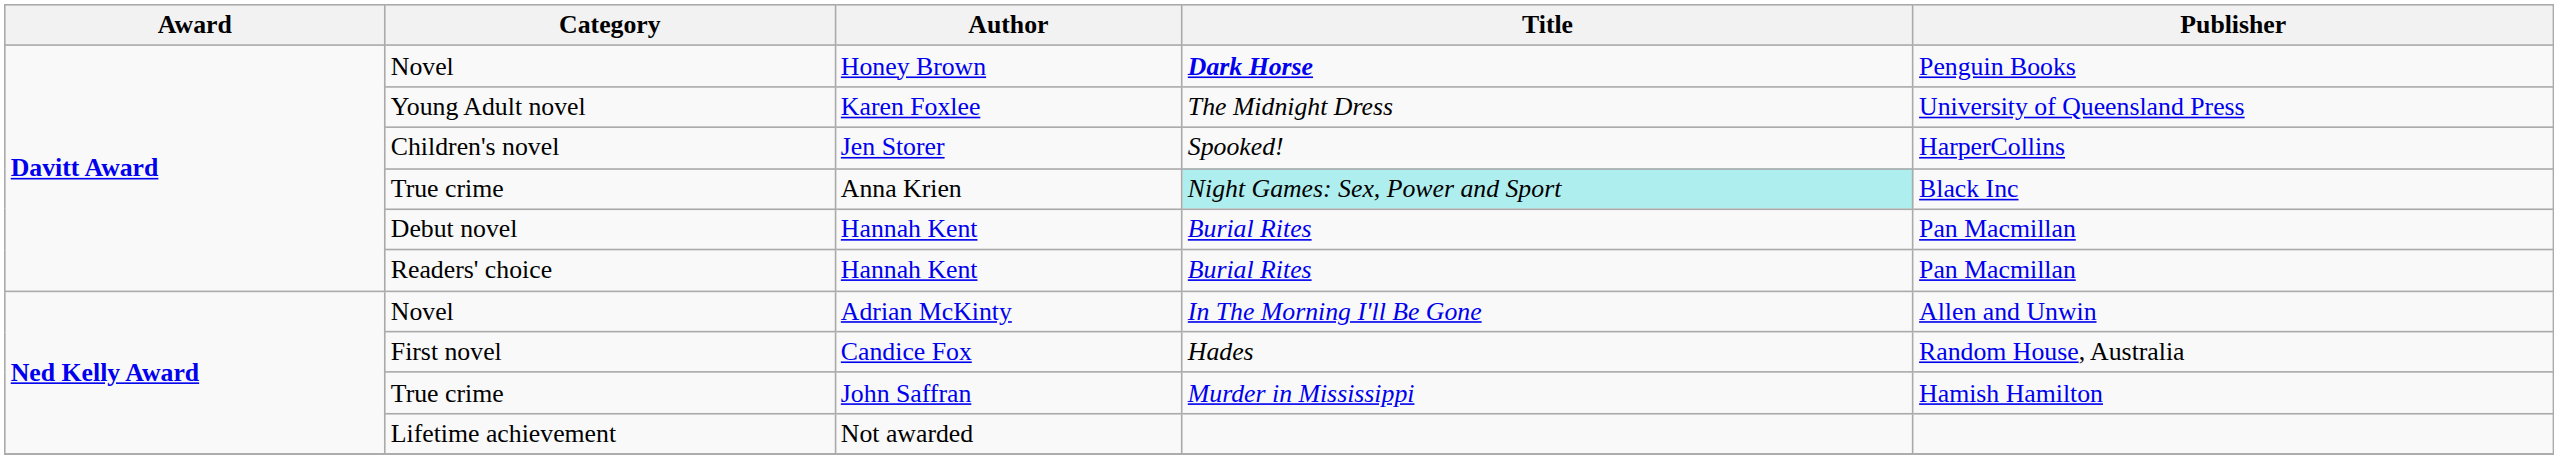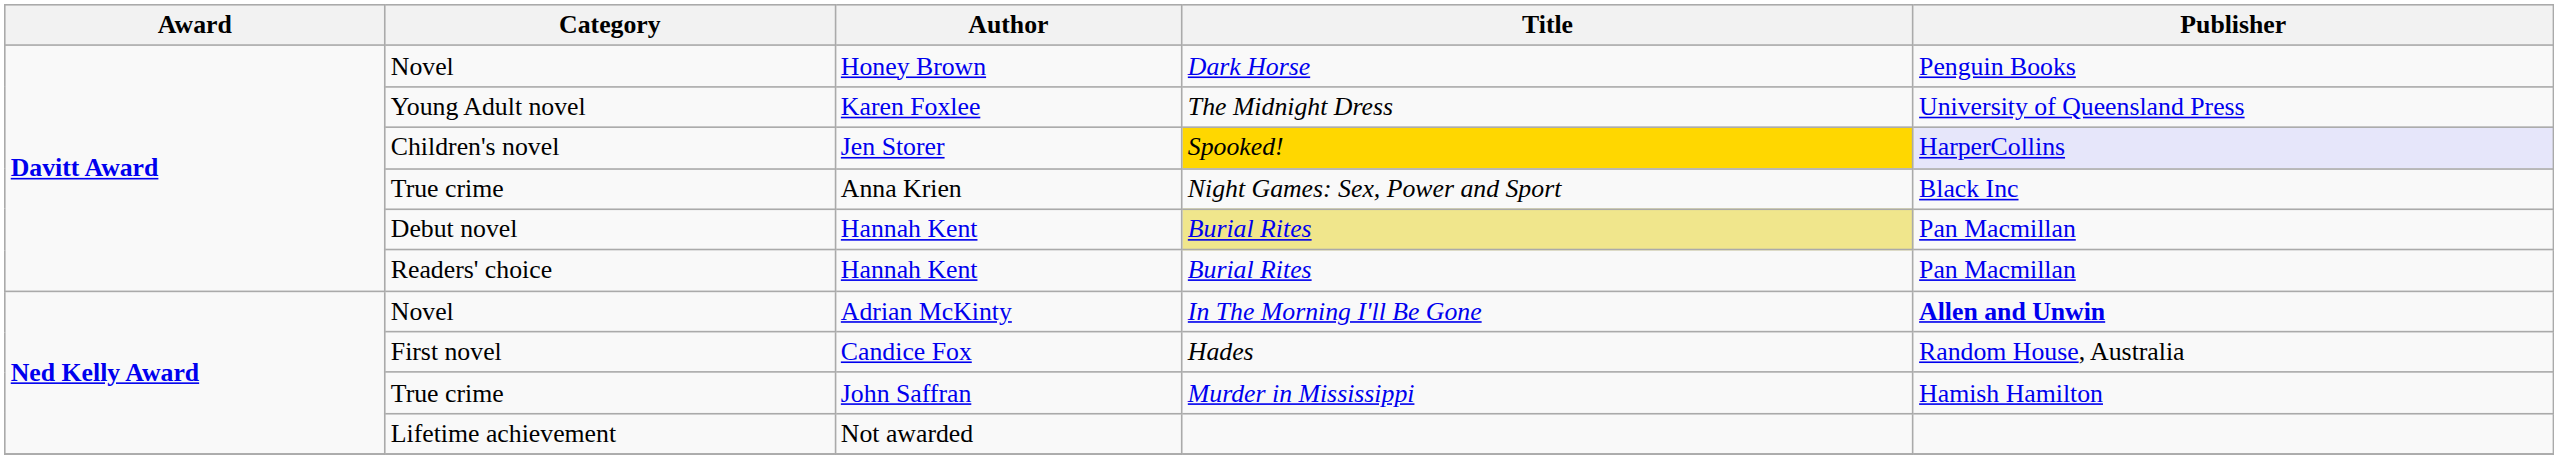 <table class="wikitable" width=100%>
 <tr>
 <th>Award</th>
 <th>Category</th>
 <th>Author</th>
 <th>Title</th>
 <th>Publisher</th>
 </tr>
 <tr>
 <td rowspan=6><strong><a href='#'>Davitt Award</a></strong></td>
 <td>Novel</td>
 <td><a href='#'>Honey Brown</a></td>
-<td><strong><em><a href='#'>Dark Horse</a></em></strong></td>
+<td><em><a href='#'>Dark Horse</a></em></td>
 <td><a href='#'>Penguin Books</a></td>
 </tr>
 <tr>
 <td>Young Adult novel</td>
 <td><a href='#'>Karen Foxlee</a></td>
 <td><em>The Midnight Dress</em></td>
 <td><a href='#'>University of Queensland Press</a></td>
 </tr>
 <tr>
 <td>Children's novel</td>
 <td><a href='#'>Jen Storer</a></td>
-<td><em>Spooked!</em></td>
-<td><a href='#'>HarperCollins</a></td>
+<td style="background: gold;"><em>Spooked!</em></td>
+<td style="background: lavender;"><a href='#'>HarperCollins</a></td>
 </tr>
 <tr>
 <td>True crime</td>
 <td>Anna Krien</td>
-<td style="background: paleturquoise;"><em>Night Games: Sex, Power and Sport</em></td>
+<td><em>Night Games: Sex, Power and Sport</em></td>
 <td><a href='#'>Black Inc</a></td>
 </tr>
 <tr>
 <td>Debut novel</td>
 <td><a href='#'>Hannah Kent</a></td>
-<td><em><a href='#'>Burial Rites</a></em></td>
+<td style="background: khaki;"><em><a href='#'>Burial Rites</a></em></td>
 <td><a href='#'>Pan Macmillan</a></td>
 </tr>
 <tr>
 <td>Readers' choice</td>
 <td><a href='#'>Hannah Kent</a></td>
 <td><em><a href='#'>Burial Rites</a></em></td>
 <td><a href='#'>Pan Macmillan</a></td>
 </tr>
 <tr>
 <td rowspan=4><strong><a href='#'>Ned Kelly Award</a></strong></td>
 <td>Novel</td>
 <td><a href='#'>Adrian McKinty</a></td>
 <td><em><a href='#'>In The Morning I'll Be Gone</a></em></td>
-<td><a href='#'>Allen and Unwin</a></td>
+<td><strong><a href='#'>Allen and Unwin</a></strong></td>
 </tr>
 <tr>
 <td>First novel</td>
 <td><a href='#'>Candice Fox</a></td>
 <td><em>Hades</em></td>
 <td><a href='#'>Random House</a>, Australia</td>
 </tr>
 <tr>
 <td>True crime</td>
 <td><a href='#'>John Saffran</a></td>
 <td><em><a href='#'>Murder in Mississippi</a></em></td>
 <td><a href='#'>Hamish Hamilton</a></td>
 </tr>
 <tr>
 <td>Lifetime achievement</td>
 <td>Not awarded</td>
 <td></td>
 <td></td>
 </tr>
 <tr>
 </tr>
 </table>
